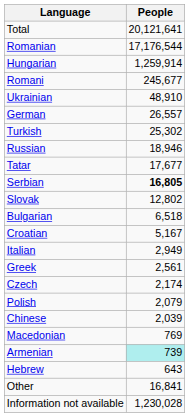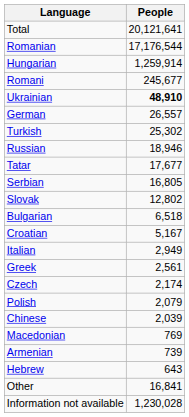 <table class="wikitable sortable">
 <tr>
 <th>Language</th>
 <th>People</th>
 </tr>
 <tr>
 <td>Total</td>
 <td align="right">20,121,641</td>
 </tr>
 <tr>
 <td><a href='#'>Romanian</a></td>
 <td align="right">17,176,544</td>
 </tr>
 <tr>
 <td><a href='#'>Hungarian</a></td>
 <td align="right">1,259,914</td>
 </tr>
 <tr>
 <td><a href='#'>Romani</a></td>
 <td align="right">245,677</td>
 </tr>
 <tr>
 <td><a href='#'>Ukrainian</a></td>
-<td align="right">48,910</td>
+<td align="right"><strong>48,910</strong></td>
 </tr>
 <tr>
 <td><a href='#'>German</a></td>
 <td align="right">26,557</td>
 </tr>
 <tr>
 <td><a href='#'>Turkish</a></td>
 <td align="right">25,302</td>
 </tr>
 <tr>
 <td><a href='#'>Russian</a></td>
 <td align="right">18,946</td>
 </tr>
 <tr>
 <td><a href='#'>Tatar</a></td>
 <td align="right">17,677</td>
 </tr>
 <tr>
 <td><a href='#'>Serbian</a></td>
-<td align="right"><strong>16,805</strong></td>
+<td align="right">16,805</td>
 </tr>
 <tr>
 <td><a href='#'>Slovak</a></td>
 <td align="right">12,802</td>
 </tr>
 <tr>
 <td><a href='#'>Bulgarian</a></td>
 <td align="right">6,518</td>
 </tr>
 <tr>
 <td><a href='#'>Croatian</a></td>
 <td align="right">5,167</td>
 </tr>
 <tr>
 <td><a href='#'>Italian</a></td>
 <td align="right">2,949</td>
 </tr>
 <tr>
 <td><a href='#'>Greek</a></td>
 <td align="right">2,561</td>
 </tr>
 <tr>
 <td><a href='#'>Czech</a></td>
 <td align="right">2,174</td>
 </tr>
 <tr>
 <td><a href='#'>Polish</a></td>
 <td align="right">2,079</td>
 </tr>
 <tr>
 <td><a href='#'>Chinese</a></td>
 <td align="right">2,039</td>
 </tr>
 <tr>
 <td><a href='#'>Macedonian</a></td>
 <td align="right">769</td>
 </tr>
 <tr>
 <td><a href='#'>Armenian</a></td>
-<td align="right" style="background: paleturquoise;">739</td>
+<td align="right">739</td>
 </tr>
 <tr>
 <td><a href='#'>Hebrew</a></td>
 <td align="right">643</td>
 </tr>
 <tr>
 <td>Other</td>
 <td align="right">16,841</td>
 </tr>
 <tr>
 <td>Information not available</td>
 <td align="right">1,230,028</td>
 </tr>
 </table>
